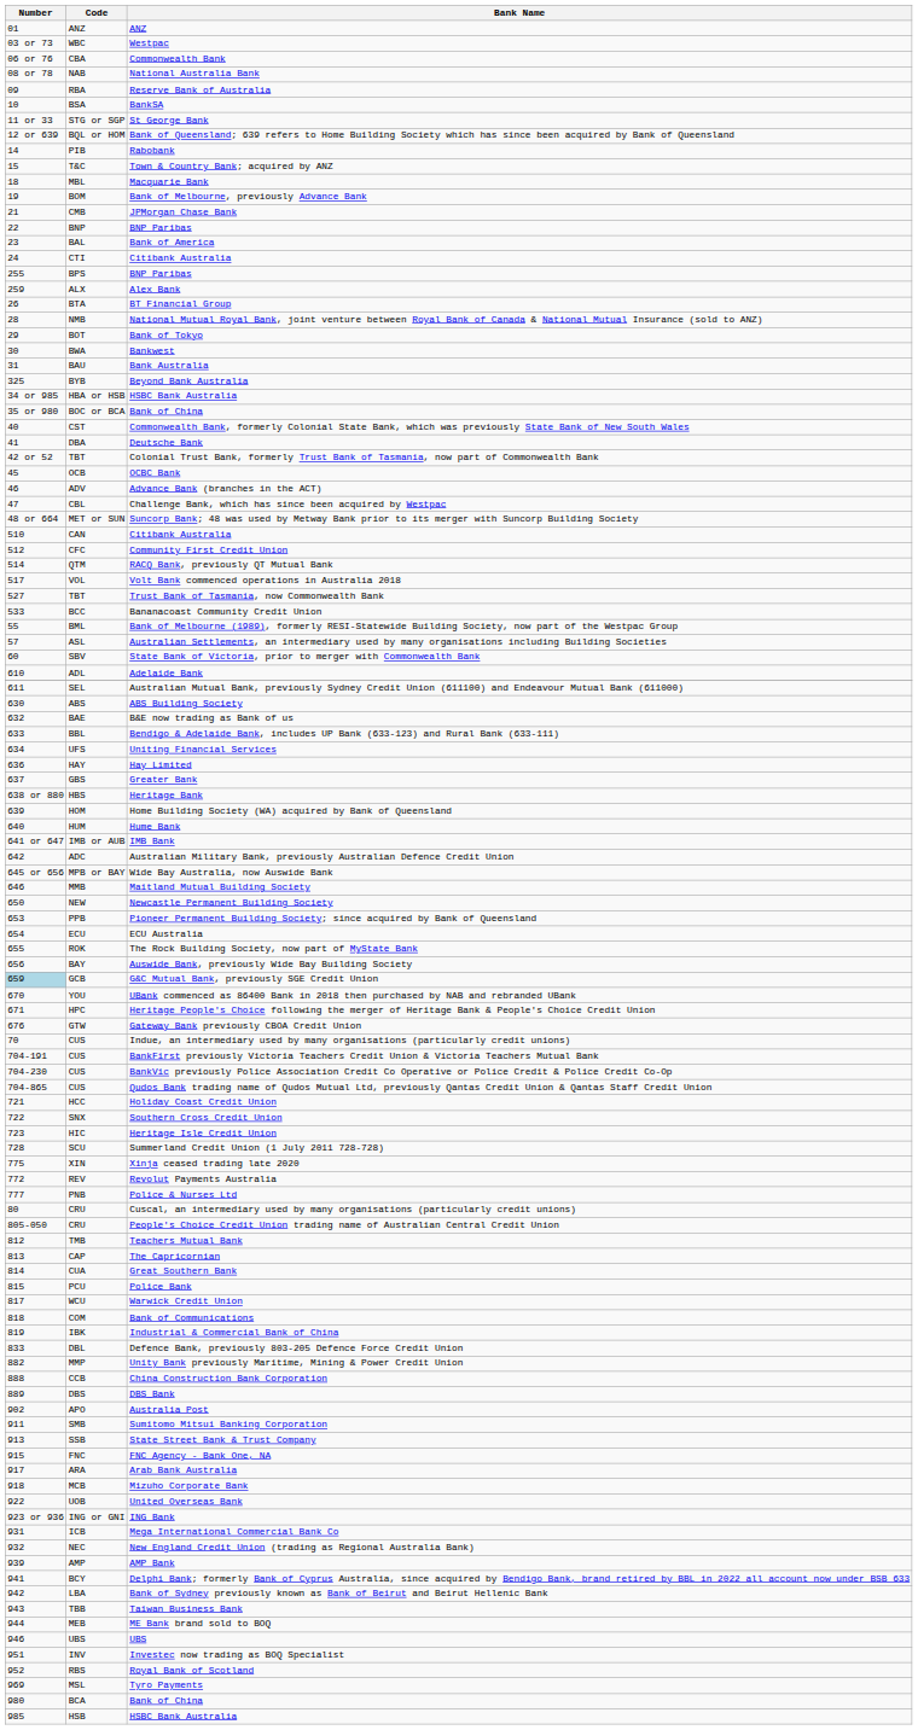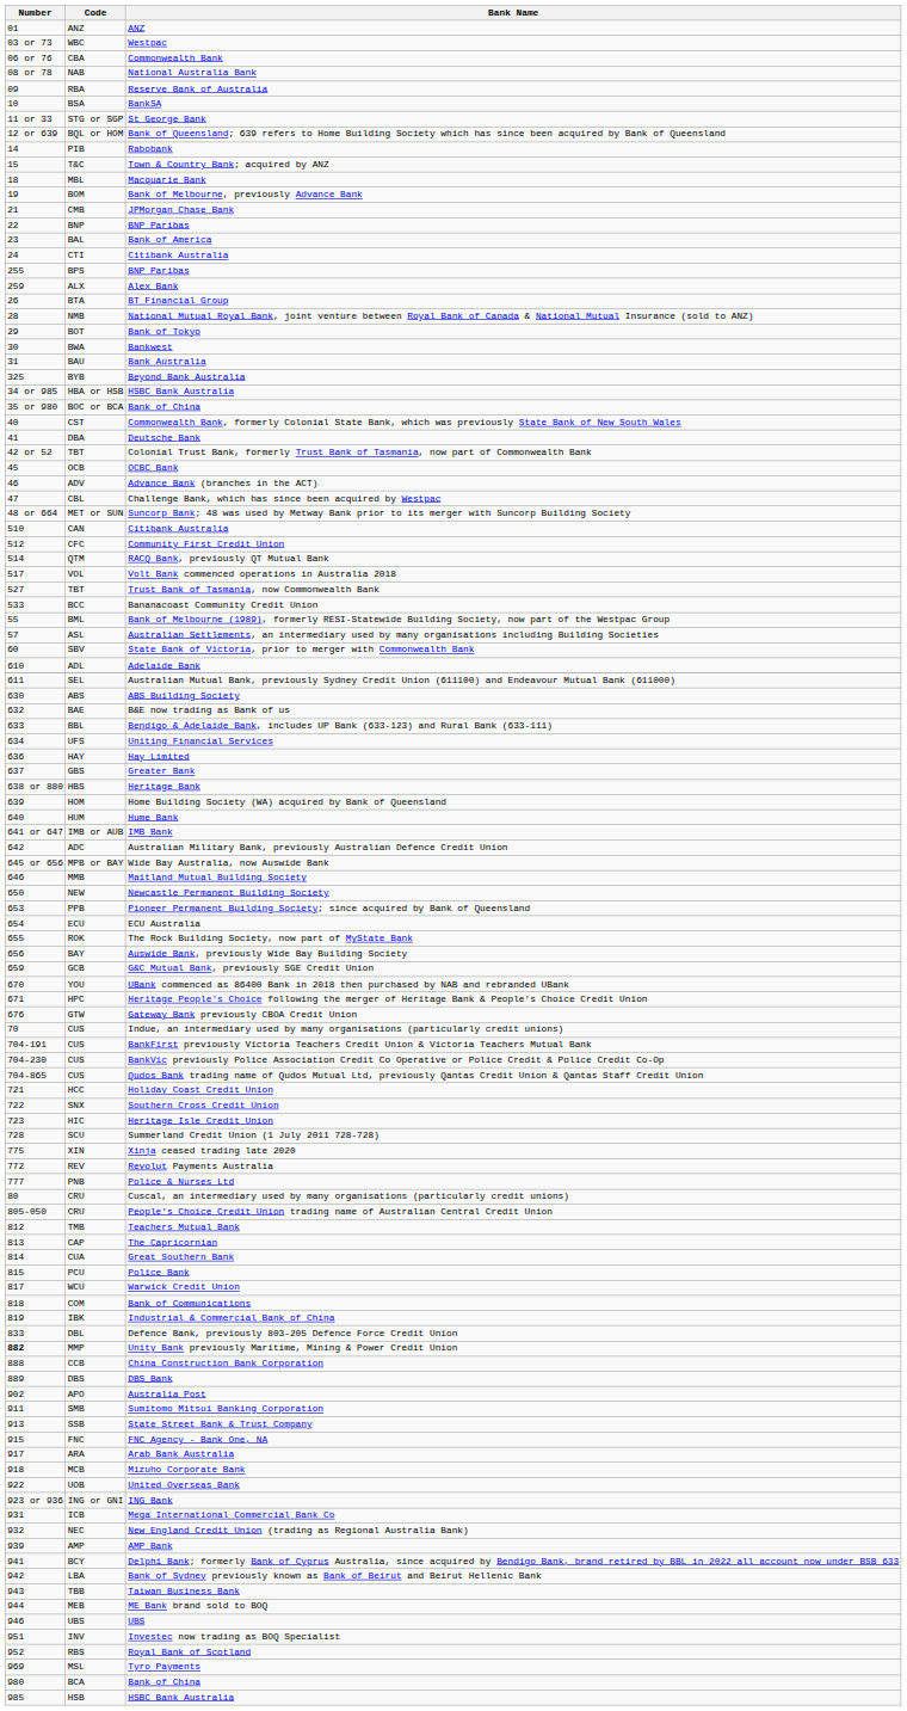 <table class="wikitable" border="1">
 <tr>
 <th>Number</th>
 <th>Code</th>
 <th>Bank Name</th>
 </tr>
 <tr>
 <td>01</td>
 <td>ANZ</td>
 <td><a href='#'>ANZ</a></td>
 </tr>
 <tr>
 <td>03 or 73</td>
 <td>WBC</td>
 <td><a href='#'>Westpac</a></td>
 </tr>
 <tr>
 <td>06 or 76</td>
 <td>CBA</td>
 <td><a href='#'>Commonwealth Bank</a></td>
 </tr>
 <tr>
 <td>08 or 78</td>
 <td>NAB</td>
 <td><a href='#'>National Australia Bank</a></td>
 </tr>
 <tr>
 <td>09</td>
 <td>RBA</td>
 <td><a href='#'>Reserve Bank of Australia</a></td>
 </tr>
 <tr>
 <td>10</td>
 <td>BSA</td>
 <td><a href='#'>BankSA</a></td>
 </tr>
 <tr>
 <td>11 or 33</td>
 <td>STG or SGP</td>
 <td><a href='#'>St George Bank</a></td>
 </tr>
 <tr>
 <td>12 or 639</td>
 <td>BQL or HOM</td>
 <td><a href='#'>Bank of Queensland</a>; 639 refers to Home Building Society which has since been acquired by Bank of Queensland</td>
 </tr>
 <tr>
 <td>14</td>
 <td>PIB</td>
 <td><a href='#'>Rabobank</a></td>
 </tr>
 <tr>
 <td>15</td>
 <td>T&C</td>
 <td><a href='#'>Town & Country Bank</a>; acquired by ANZ</td>
 </tr>
 <tr>
 <td>18</td>
 <td>MBL</td>
 <td><a href='#'>Macquarie Bank</a></td>
 </tr>
 <tr>
 <td>19</td>
 <td>BOM</td>
 <td><a href='#'>Bank of Melbourne</a>, previously <a href='#'>Advance Bank</a></td>
 </tr>
 <tr>
 <td>21</td>
 <td>CMB</td>
 <td><a href='#'>JPMorgan Chase Bank</a></td>
 </tr>
 <tr>
 <td>22</td>
 <td>BNP</td>
 <td><a href='#'>BNP Paribas</a></td>
 </tr>
 <tr>
 <td>23</td>
 <td>BAL</td>
 <td><a href='#'>Bank of America</a></td>
 </tr>
 <tr>
 <td>24</td>
 <td>CTI</td>
 <td><a href='#'>Citibank Australia</a></td>
 </tr>
 <tr>
 <td>255</td>
 <td>BPS</td>
 <td><a href='#'>BNP Paribas</a></td>
 </tr>
 <tr>
 <td>259</td>
 <td>ALX</td>
 <td><a href='#'>Alex Bank</a></td>
 </tr>
 <tr>
 <td>26</td>
 <td>BTA</td>
 <td><a href='#'>BT Financial Group</a></td>
 </tr>
 <tr>
 <td>28</td>
 <td>NMB</td>
 <td><a href='#'>National Mutual Royal Bank</a>, joint venture between <a href='#'>Royal Bank of Canada</a> & <a href='#'>National Mutual</a> Insurance (sold to ANZ)</td>
 </tr>
 <tr>
 <td>29</td>
 <td>BOT</td>
 <td><a href='#'>Bank of Tokyo</a></td>
 </tr>
 <tr>
 <td>30</td>
 <td>BWA</td>
 <td><a href='#'>Bankwest</a></td>
 </tr>
 <tr>
 <td>31</td>
 <td>BAU</td>
 <td><a href='#'>Bank Australia</a></td>
 </tr>
 <tr>
 <td>325</td>
 <td>BYB</td>
 <td><a href='#'>Beyond Bank Australia</a></td>
 </tr>
 <tr>
 <td>34 or 985</td>
 <td>HBA or HSB</td>
 <td><a href='#'>HSBC Bank Australia</a></td>
 </tr>
 <tr>
 <td>35 or 980</td>
 <td>BOC or BCA</td>
 <td><a href='#'>Bank of China</a></td>
 </tr>
 <tr>
 <td>40</td>
 <td>CST</td>
 <td><a href='#'>Commonwealth Bank</a>, formerly Colonial State Bank, which was previously <a href='#'>State Bank of New South Wales</a></td>
 </tr>
 <tr>
 <td>41</td>
 <td>DBA</td>
 <td><a href='#'>Deutsche Bank</a></td>
 </tr>
 <tr>
 <td>42 or 52</td>
 <td>TBT</td>
 <td>Colonial Trust Bank, formerly <a href='#'>Trust Bank of Tasmania</a>, now part of Commonwealth Bank</td>
 </tr>
 <tr>
 <td>45</td>
 <td>OCB</td>
 <td><a href='#'>OCBC Bank</a></td>
 </tr>
 <tr>
 <td>46</td>
 <td>ADV</td>
 <td><a href='#'>Advance Bank</a> (branches in the ACT)</td>
 </tr>
 <tr>
 <td>47</td>
 <td>CBL</td>
 <td>Challenge Bank, which has since been acquired by <a href='#'>Westpac</a></td>
 </tr>
 <tr>
 <td>48 or 664</td>
 <td>MET or SUN</td>
 <td><a href='#'>Suncorp Bank</a>; 48 was used by Metway Bank prior to its merger with Suncorp Building Society</td>
 </tr>
 <tr>
 <td>510</td>
 <td>CAN</td>
 <td><a href='#'>Citibank Australia</a></td>
 </tr>
 <tr>
 <td>512</td>
 <td>CFC</td>
 <td><a href='#'>Community First Credit Union</a></td>
 </tr>
 <tr>
 <td>514</td>
 <td>QTM</td>
 <td><a href='#'>RACQ Bank</a>, previously QT Mutual Bank</td>
 </tr>
 <tr>
 <td>517</td>
 <td>VOL</td>
 <td><a href='#'>Volt Bank</a> commenced operations in Australia 2018</td>
 </tr>
 <tr>
 <td>527</td>
 <td>TBT</td>
 <td><a href='#'>Trust Bank of Tasmania</a>, now Commonwealth Bank</td>
 </tr>
 <tr>
 <td>533</td>
 <td>BCC</td>
 <td>Bananacoast Community Credit Union</td>
 </tr>
 <tr>
 <td>55</td>
 <td>BML</td>
 <td><a href='#'>Bank of Melbourne (1989)</a>, formerly RESI-Statewide Building Society, now part of the Westpac Group</td>
 </tr>
 <tr>
 <td>57</td>
 <td>ASL</td>
 <td><a href='#'>Australian Settlements</a>, an intermediary used by many organisations including Building Societies</td>
 </tr>
 <tr>
 <td>60</td>
 <td>SBV</td>
 <td><a href='#'>State Bank of Victoria</a>, prior to merger with <a href='#'>Commonwealth Bank</a></td>
 </tr>
 <tr>
 <td>610</td>
 <td>ADL</td>
 <td><a href='#'>Adelaide Bank</a></td>
 </tr>
 <tr>
 </tr>
 <tr>
 <td>611</td>
 <td>SEL</td>
 <td>Australian Mutual Bank, previously Sydney Credit Union (611100) and Endeavour Mutual Bank (611000)</td>
 </tr>
 <tr>
 <td>630</td>
 <td>ABS</td>
 <td><a href='#'>ABS Building Society</a></td>
 </tr>
 <tr>
 <td>632</td>
 <td>BAE</td>
 <td>B&E now trading as Bank of us</td>
 </tr>
 <tr>
 <td>633</td>
 <td>BBL</td>
 <td><a href='#'>Bendigo & Adelaide Bank</a>, includes UP Bank (633-123) and Rural Bank (633-111)</td>
 </tr>
 <tr>
 <td>634</td>
 <td>UFS</td>
 <td><a href='#'>Uniting Financial Services</a></td>
 </tr>
 <tr>
 <td>636</td>
 <td>HAY</td>
 <td><a href='#'>Hay Limited</a></td>
 </tr>
 <tr>
 <td>637</td>
 <td>GBS</td>
 <td><a href='#'>Greater Bank</a></td>
 </tr>
 <tr>
 <td>638 or 880</td>
 <td>HBS</td>
 <td><a href='#'>Heritage Bank</a></td>
 </tr>
 <tr>
 <td>639</td>
 <td>HOM</td>
 <td>Home Building Society (WA) acquired by Bank of Queensland</td>
 </tr>
 <tr>
 <td>640</td>
 <td>HUM</td>
 <td><a href='#'>Hume Bank</a></td>
 </tr>
 <tr>
 <td>641 or 647</td>
 <td>IMB or AUB</td>
 <td><a href='#'>IMB Bank</a></td>
 </tr>
 <tr>
 <td>642</td>
 <td>ADC</td>
 <td>Australian Military Bank, previously Australian Defence Credit Union</td>
 </tr>
 <tr>
 <td>645 or 656</td>
 <td>MPB or BAY</td>
 <td>Wide Bay Australia, now Auswide Bank</td>
 </tr>
 <tr>
 <td>646</td>
 <td>MMB</td>
 <td><a href='#'>Maitland Mutual Building Society</a></td>
 </tr>
 <tr>
 <td>650</td>
 <td>NEW</td>
 <td><a href='#'>Newcastle Permanent Building Society</a></td>
 </tr>
 <tr>
 <td>653</td>
 <td>PPB</td>
 <td><a href='#'>Pioneer Permanent Building Society</a>; since acquired by Bank of Queensland</td>
 </tr>
 <tr>
 <td>654</td>
 <td>ECU</td>
 <td>ECU Australia</td>
 </tr>
 <tr>
 <td>655</td>
 <td>ROK</td>
 <td>The Rock Building Society, now part of <a href='#'>MyState Bank</a></td>
 </tr>
 <tr>
 <td>656</td>
 <td>BAY</td>
 <td><a href='#'>Auswide Bank</a>, previously Wide Bay Building Society</td>
 </tr>
 <tr>
-<td style="background: lightblue;">659</td>
+<td>659</td>
 <td>GCB</td>
 <td><a href='#'>G&C Mutual Bank</a>, previously SGE Credit Union</td>
 </tr>
 <tr>
 <td>670</td>
 <td>YOU</td>
 <td><a href='#'>UBank</a> commenced as 86400 Bank in 2018 then purchased by NAB and rebranded UBank</td>
 </tr>
 <tr>
 <td>671</td>
 <td>HPC</td>
 <td><a href='#'>Heritage People's Choice</a> following the merger of Heritage Bank & People's Choice Credit Union</td>
 </tr>
 <tr>
 <td>676</td>
 <td>GTW</td>
 <td><a href='#'>Gateway Bank</a> previously CBOA Credit Union</td>
 </tr>
 <tr>
 <td>70</td>
 <td>CUS</td>
 <td>Indue, an intermediary used by many organisations (particularly credit unions)</td>
 </tr>
 <tr>
 <td>704-191</td>
 <td>CUS</td>
 <td><a href='#'>BankFirst</a> previously Victoria Teachers Credit Union & Victoria Teachers Mutual Bank</td>
 </tr>
 <tr>
 <td>704-230</td>
 <td>CUS</td>
 <td><a href='#'>BankVic</a> previously Police Association Credit Co Operative or Police Credit & Police Credit Co-Op</td>
 </tr>
 <tr>
 <td>704-865</td>
 <td>CUS</td>
 <td><a href='#'>Qudos Bank</a> trading name of Qudos Mutual Ltd, previously Qantas Credit Union & Qantas Staff Credit Union</td>
 </tr>
 <tr>
 <td>721</td>
 <td>HCC</td>
 <td><a href='#'>Holiday Coast Credit Union</a></td>
 </tr>
 <tr>
 <td>722</td>
 <td>SNX</td>
 <td><a href='#'>Southern Cross Credit Union</a></td>
 </tr>
 <tr>
 <td>723</td>
 <td>HIC</td>
 <td><a href='#'>Heritage Isle Credit Union</a></td>
 </tr>
 <tr>
 <td>728</td>
 <td>SCU</td>
 <td>Summerland Credit Union (1 July 2011 728-728)</td>
 </tr>
 <tr>
 <td>775</td>
 <td>XIN</td>
 <td><a href='#'>Xinja</a> ceased trading late 2020</td>
 </tr>
 <tr>
 <td>772</td>
 <td>REV</td>
 <td><a href='#'>Revolut</a> Payments Australia</td>
 </tr>
 <tr>
 <td>777</td>
 <td>PNB</td>
 <td><a href='#'>Police & Nurses Ltd</a></td>
 </tr>
 <tr>
 <td>80</td>
 <td>CRU</td>
 <td>Cuscal, an intermediary used by many organisations (particularly credit unions)</td>
 </tr>
 <tr>
 <td>805-050</td>
 <td>CRU</td>
 <td><a href='#'>People's Choice Credit Union</a> trading name of Australian Central Credit Union</td>
 </tr>
 <tr>
 <td>812</td>
 <td>TMB</td>
 <td><a href='#'>Teachers Mutual Bank</a></td>
 </tr>
 <tr>
 <td>813</td>
 <td>CAP</td>
 <td><a href='#'>The Capricornian</a></td>
 </tr>
 <tr>
 <td>814</td>
 <td>CUA</td>
 <td><a href='#'>Great Southern Bank</a></td>
 </tr>
 <tr>
 <td>815</td>
 <td>PCU</td>
 <td><a href='#'>Police Bank</a></td>
 </tr>
 <tr>
 <td>817</td>
 <td>WCU</td>
 <td><a href='#'>Warwick Credit Union</a></td>
 </tr>
 <tr>
 <td>818</td>
 <td>COM</td>
 <td><a href='#'>Bank of Communications</a></td>
 </tr>
 <tr>
 <td>819</td>
 <td>IBK</td>
 <td><a href='#'>Industrial & Commercial Bank of China</a></td>
 </tr>
 <tr>
 <td>833</td>
 <td>DBL</td>
 <td>Defence Bank, previously 803-205 Defence Force Credit Union</td>
 </tr>
 <tr>
-<td>882</td>
+<td><strong>882</strong></td>
 <td>MMP</td>
 <td><a href='#'>Unity Bank</a> previously Maritime, Mining & Power Credit Union</td>
 </tr>
 <tr>
 <td>888</td>
 <td>CCB</td>
 <td><a href='#'>China Construction Bank Corporation</a></td>
 </tr>
 <tr>
 <td>889</td>
 <td>DBS</td>
 <td><a href='#'>DBS_Bank</a> </td>
 </tr>
 <tr>
 <td>902</td>
 <td>APO</td>
 <td><a href='#'>Australia Post</a></td>
 </tr>
 <tr>
 <td>911</td>
 <td>SMB</td>
 <td><a href='#'>Sumitomo Mitsui Banking Corporation</a></td>
 </tr>
 <tr>
 <td>913</td>
 <td>SSB</td>
 <td><a href='#'>State Street Bank & Trust Company</a></td>
 </tr>
 <tr>
 <td>915</td>
 <td>FNC</td>
 <td><a href='#'>FNC Agency - Bank One, NA</a></td>
 </tr>
 <tr>
 <td>917</td>
 <td>ARA</td>
 <td><a href='#'>Arab Bank Australia</a></td>
 </tr>
 <tr>
 <td>918</td>
 <td>MCB</td>
 <td><a href='#'>Mizuho Corporate Bank</a></td>
 </tr>
 <tr>
 <td>922</td>
 <td>UOB</td>
 <td><a href='#'>United Overseas Bank</a></td>
 </tr>
 <tr>
 <td>923 or 936</td>
 <td>ING or GNI</td>
 <td><a href='#'>ING Bank</a></td>
 </tr>
 <tr>
 <td>931</td>
 <td>ICB</td>
 <td><a href='#'>Mega International Commercial Bank Co</a></td>
 </tr>
 <tr>
 <td>932</td>
 <td>NEC</td>
 <td><a href='#'>New England Credit Union</a> (trading as Regional Australia Bank)</td>
 </tr>
 <tr>
 <td>939</td>
 <td>AMP</td>
 <td><a href='#'>AMP Bank</a></td>
 </tr>
 <tr>
 <td>941</td>
 <td>BCY</td>
 <td><a href='#'>Delphi Bank</a>; formerly <a href='#'>Bank of Cyprus</a> Australia, since acquired by <a href='#'>Bendigo Bank, brand retired by BBL in 2022 all account now under BSB 633</a></td>
 </tr>
 <tr>
 <td>942</td>
 <td>LBA</td>
 <td><a href='#'>Bank of Sydney</a> previously known as <a href='#'>Bank of Beirut</a> and Beirut Hellenic Bank</td>
 </tr>
 <tr>
 <td>943</td>
 <td>TBB</td>
 <td><a href='#'>Taiwan Business Bank</a></td>
 </tr>
 <tr>
 <td>944</td>
 <td>MEB</td>
 <td><a href='#'>ME Bank</a> brand sold to BOQ</td>
 </tr>
 <tr>
 <td>946</td>
 <td>UBS</td>
 <td><a href='#'>UBS</a></td>
 </tr>
 <tr>
 <td>951</td>
 <td>INV</td>
 <td><a href='#'>Investec</a> now trading as BOQ Specialist</td>
 </tr>
 <tr>
 <td>952</td>
 <td>RBS</td>
 <td><a href='#'>Royal Bank of Scotland</a></td>
 </tr>
 <tr>
 <td>969</td>
 <td>MSL</td>
 <td><a href='#'>Tyro Payments</a></td>
 </tr>
 <tr>
 <td>980</td>
 <td>BCA</td>
 <td><a href='#'>Bank of China</a></td>
 </tr>
 <tr>
 <td>985</td>
 <td>HSB</td>
 <td><a href='#'>HSBC Bank Australia</a></td>
 </tr>
 </table>
